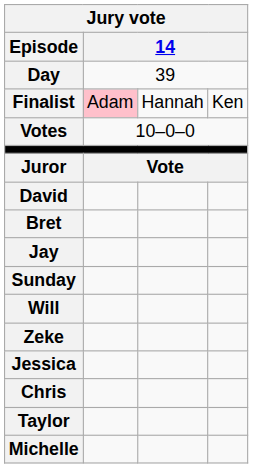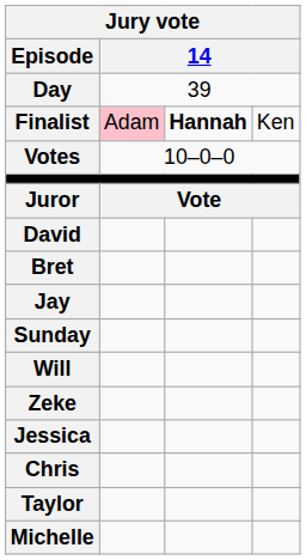 <table class="wikitable" style="text-align:center">
 <tr>
 <th colspan=4>Jury vote</th>
 </tr>
 <tr>
 <th>Episode</th>
 <th colspan="3"><a href='#'>14</a></th>
 </tr>
 <tr>
 <th>Day</th>
 <td colspan="3">39</td>
 </tr>
 <tr>
 <th>Finalist</th>
 <td style="background: pink;">Adam</td>
-<td>Hannah</td>
+<td><strong>Hannah</strong></td>
 <td>Ken</td>
 </tr>
 <tr>
 <th>Votes</th>
 <td colspan="3">10–0–0</td>
 </tr>
 <tr>
 <th colspan="5" style="background:black;"></th>
 </tr>
 <tr>
 <th>Juror</th>
 <th colspan="4">Vote</th>
 </tr>
 <tr>
 <th>David</th>
 <td></td>
 <td></td>
 <td></td>
 </tr>
 <tr>
 <th>Bret</th>
 <td></td>
 <td></td>
 <td></td>
 </tr>
 <tr>
 <th>Jay</th>
 <td></td>
 <td></td>
 <td></td>
 </tr>
 <tr>
 <th>Sunday</th>
 <td></td>
 <td></td>
 <td></td>
 </tr>
 <tr>
 <th>Will</th>
 <td></td>
 <td></td>
 <td></td>
 </tr>
 <tr>
 <th>Zeke</th>
 <td></td>
 <td></td>
 <td></td>
 </tr>
 <tr>
 <th>Jessica</th>
 <td></td>
 <td></td>
 <td></td>
 </tr>
 <tr>
 <th>Chris</th>
 <td></td>
 <td></td>
 <td></td>
 </tr>
 <tr>
 <th>Taylor</th>
 <td></td>
 <td></td>
 <td></td>
 </tr>
 <tr>
 <th>Michelle</th>
 <td></td>
 <td></td>
 <td></td>
 </tr>
 </table>
